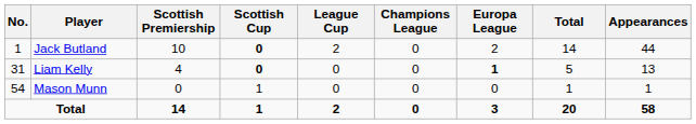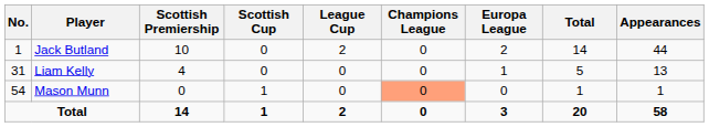 <table class="wikitable sortable alternance" ; style="text-align:center; ">
 <tr>
 <th width=10>No.</th>
 <th width=150>Player</th>
 <th width=100>Scottish Premiership</th>
 <th width=100>Scottish Cup</th>
 <th width=100>League Cup</th>
 <th width=100>Champions League</th>
 <th width=100>Europa League</th>
 <th width=100>Total</th>
 <th width=100>Appearances</th>
 </tr>
 <tr>
 <td>1</td>
 <td align=left><a href='#'>Jack Butland</a></td>
 <td>10</td>
-<td><strong>0</strong></td>
+<td>0</td>
 <td>2</td>
 <td>0</td>
 <td>2</td>
 <td>14</td>
 <td>44</td>
 </tr>
 <tr>
 <td>31</td>
 <td align=left><a href='#'>Liam Kelly</a></td>
 <td>4</td>
-<td><strong>0</strong></td>
 <td>0</td>
 <td>0</td>
-<td><strong>1</strong></td>
+<td>0</td>
+<td>1</td>
 <td>5</td>
 <td>13</td>
 </tr>
 <tr>
 <td>54</td>
 <td align=left><a href='#'>Mason Munn</a></td>
 <td>0</td>
 <td>1</td>
 <td>0</td>
-<td>0</td>
+<td style="background: lightsalmon;">0</td>
 <td>0</td>
 <td>1</td>
 <td>1</td>
 </tr>
 <tr class="sortbottom">
 <td colspan=2><strong>Total</strong></td>
 <td><strong>14</strong></td>
 <td><strong>1</strong></td>
 <td><strong>2</strong></td>
 <td><strong>0</strong></td>
 <td><strong>3</strong></td>
 <td><strong>20</strong></td>
 <td><strong>58</strong></td>
 </tr>
 </table>
